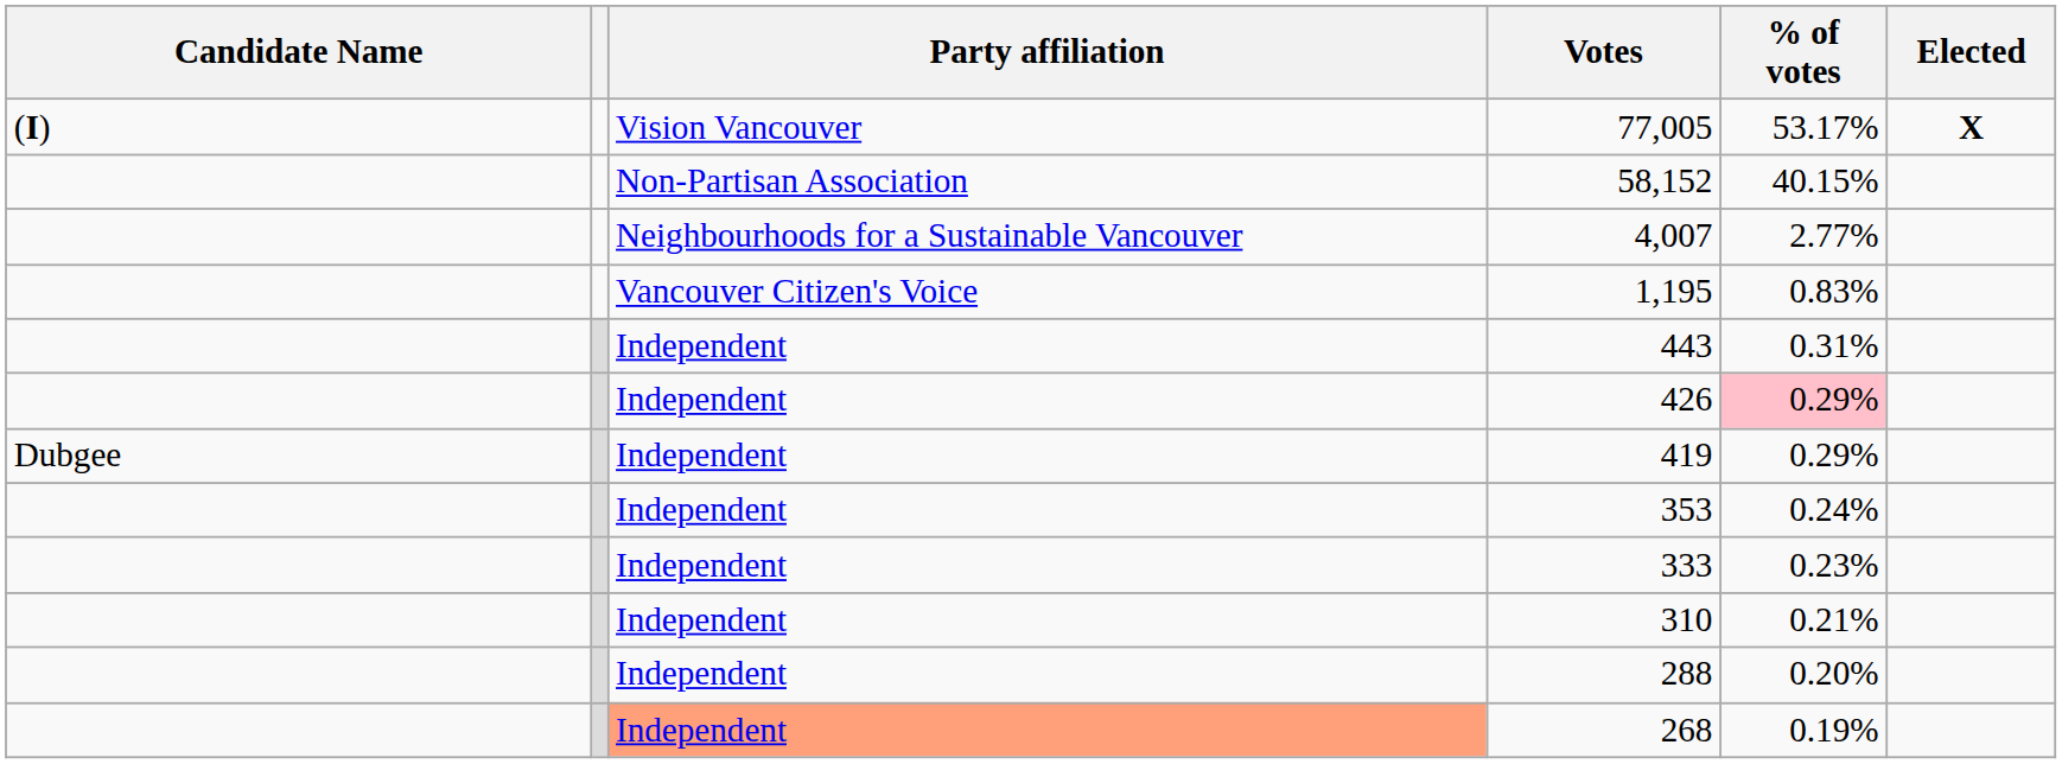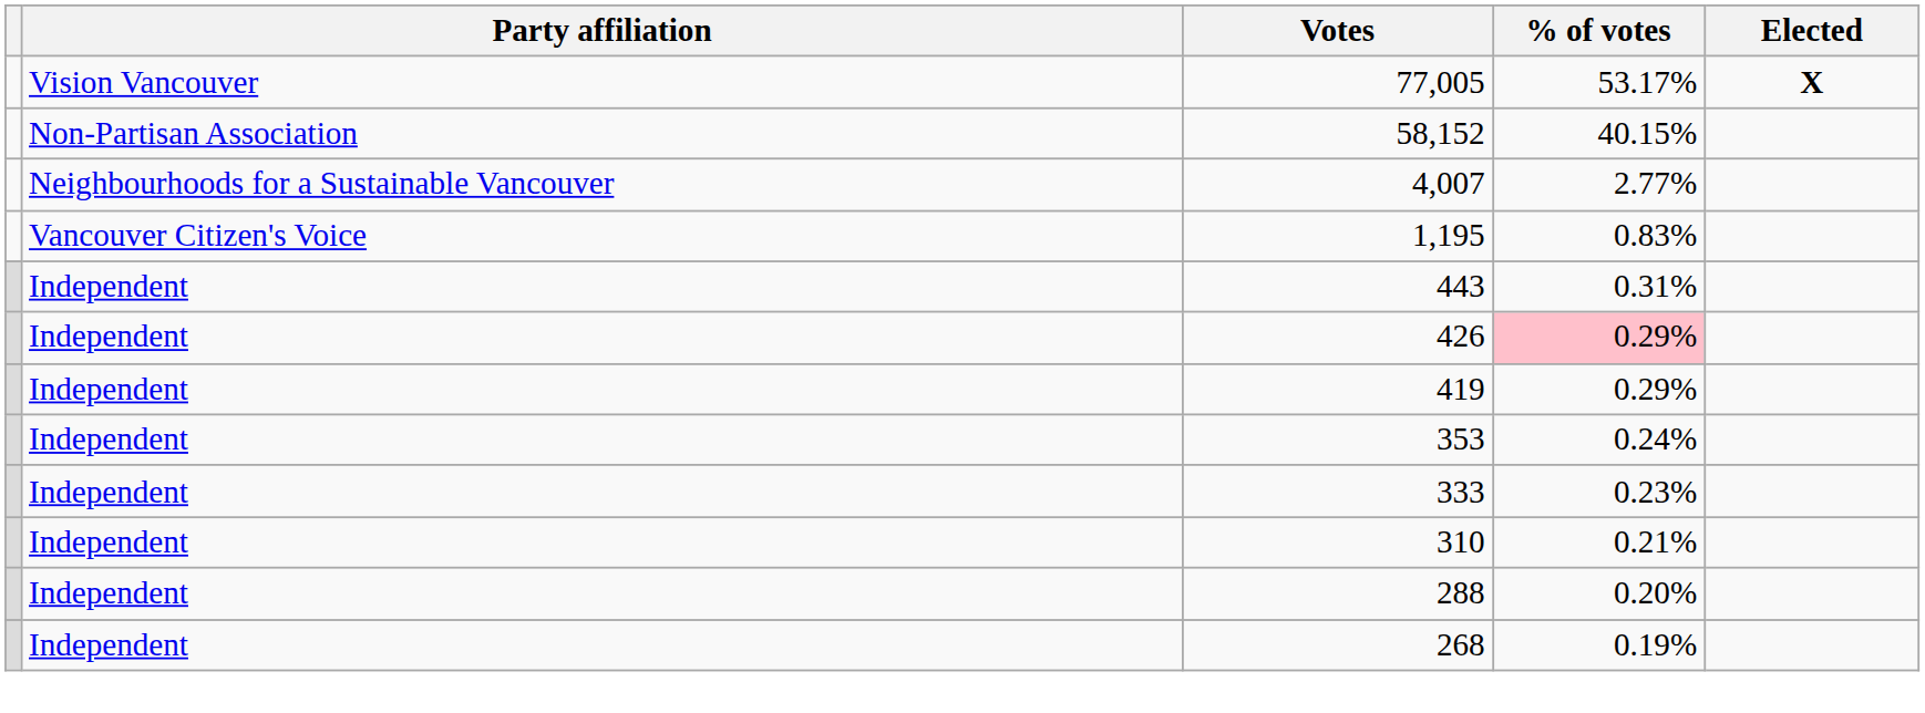 <table class="wikitable sortable" style="text-align:center; margin:5px; width: 60%">
 <tr>
-<th style="width:20%;">Candidate Name</th>
 <th style="width:0.05%;"></th>
 <th style="width:30%;">Party affiliation</th>
 <th style="width:8%;">Votes</th>
 <th style="width:5%;">% of votes</th>
 <th style="width:5%;">Elected</th>
 </tr>
 <tr>
-<td align="left">(<strong>I</strong>) </td>
 <td style="background:"></td>
 <td align="left"><a href='#'>Vision Vancouver</a></td>
 <td align="right">77,005</td>
 <td align="right">53.17%</td>
 <td><strong>X</strong></td>
 </tr>
 <tr>
-<td align="left"></td>
 <td style="background:"></td>
 <td align="left"><a href='#'>Non-Partisan Association</a></td>
 <td align="right">58,152</td>
 <td align="right">40.15%</td>
 <td></td>
 </tr>
 <tr>
-<td align="left"></td>
 <td style="background:"></td>
 <td align="left"><a href='#'>Neighbourhoods for a Sustainable Vancouver</a></td>
 <td align="right">4,007</td>
 <td align="right">2.77%</td>
 <td></td>
 </tr>
 <tr>
-<td align="left"></td>
 <td style="background:"></td>
 <td align="left"><a href='#'>Vancouver Citizen's Voice</a></td>
 <td align="right">1,195</td>
 <td align="right">0.83%</td>
 <td></td>
 </tr>
 <tr>
-<td align="left"></td>
 <td style="background:gainsboro;"></td>
 <td align="left"><a href='#'>Independent</a></td>
 <td align="right">443</td>
 <td align="right">0.31%</td>
 <td></td>
 </tr>
 <tr>
-<td align="left"></td>
 <td style="background:gainsboro;"></td>
 <td align="left"><a href='#'>Independent</a></td>
 <td align="right">426</td>
 <td align="right" style="background: pink;">0.29%</td>
 <td></td>
 </tr>
 <tr>
-<td align="left">Dubgee</td>
 <td style="background:gainsboro;"></td>
 <td align="left"><a href='#'>Independent</a></td>
 <td align="right">419</td>
 <td align="right">0.29%</td>
 <td></td>
 </tr>
 <tr>
-<td align="left"></td>
 <td style="background:gainsboro;"></td>
 <td align="left"><a href='#'>Independent</a></td>
 <td align="right">353</td>
 <td align="right">0.24%</td>
 <td></td>
 </tr>
 <tr>
-<td align="left"></td>
 <td style="background:gainsboro;"></td>
 <td align="left"><a href='#'>Independent</a></td>
 <td align="right">333</td>
 <td align="right">0.23%</td>
 <td></td>
 </tr>
 <tr>
-<td align="left"></td>
 <td style="background:gainsboro;"></td>
 <td align="left"><a href='#'>Independent</a></td>
 <td align="right">310</td>
 <td align="right">0.21%</td>
 <td></td>
 </tr>
 <tr>
-<td align="left"></td>
 <td style="background:gainsboro;"></td>
 <td align="left"><a href='#'>Independent</a></td>
 <td align="right">288</td>
 <td align="right">0.20%</td>
 <td></td>
 </tr>
 <tr>
-<td align="left"></td>
 <td style="background:gainsboro;"></td>
-<td align="left" style="background: lightsalmon;"><a href='#'>Independent</a></td>
+<td align="left"><a href='#'>Independent</a></td>
 <td align="right">268</td>
 <td align="right">0.19%</td>
 <td></td>
 </tr>
 </table>
